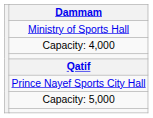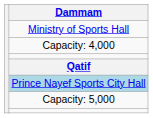 <table class="wikitable" style="text-align:center">
 <tr>
 <th rowspan="8" colspan="2"></th>
 <th><a href='#'>Dammam</a></th>
 </tr>
 <tr>
 <td><a href='#'>Ministry of Sports Hall</a></td>
 </tr>
 <tr>
 <td>Capacity: 4,000</td>
 </tr>
 <tr>
 <td></td>
 </tr>
 <tr>
 <th><a href='#'>Qatif</a></th>
 </tr>
 <tr>
-<td><a href='#'>Prince Nayef Sports City Hall</a></td>
+<td style="background: lightblue;"><a href='#'>Prince Nayef Sports City Hall</a></td>
 </tr>
 <tr>
 <td>Capacity: 5,000</td>
 </tr>
 <tr>
 <td></td>
 </tr>
 </table>
